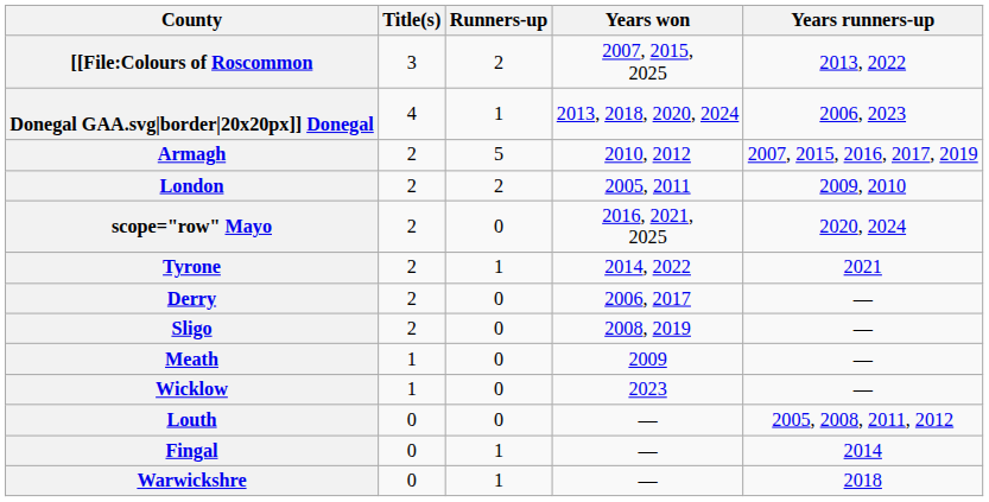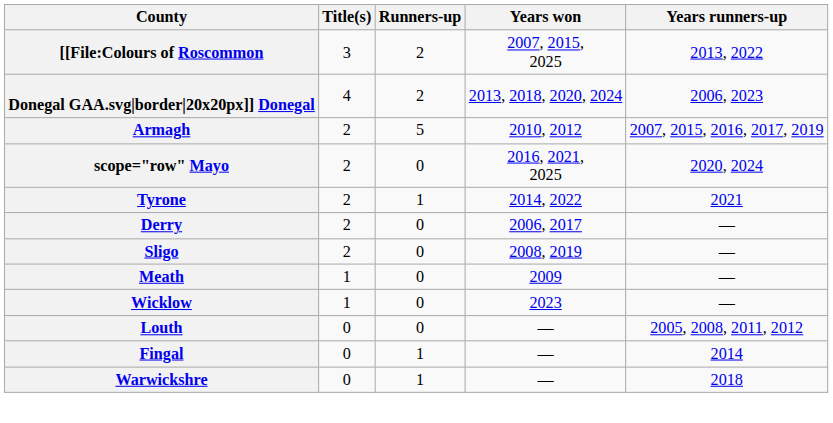 <table class="wikitable plainrowheaders sortable">
 <tr>
 <th scope="col">County</th>
 <th scope="col">Title(s)</th>
 <th scope="col">Runners-up</th>
 <th scope="col" class="unsortable">Years won</th>
 <th scope="col" class="unsortable">Years runners-up</th>
 </tr>
 <tr>
 <th scope="row">[[File:Colours of  <a href='#'>Roscommon</a></th>
 <td align="center">3</td>
 <td align="center">2</td>
 <td align="center"><a href='#'>2007</a>, <a href='#'>2015</a>,<br>2025</td>
 <td align="center"><a href='#'>2013</a>, <a href='#'>2022</a></td>
 </tr>
 <tr>
 <th scope="row"><br>Donegal GAA.svg|border|20x20px]] <a href='#'>Donegal</a></th>
 <td align="center">4</td>
-<td align="center">1</td>
+<td align="center">2</td>
 <td align="center"><a href='#'>2013</a>, <a href='#'>2018</a>, <a href='#'>2020</a>, <a href='#'>2024</a></td>
 <td align="center"><a href='#'>2006</a>, <a href='#'>2023</a></td>
 </tr>
 <tr>
 <th scope="row"> <a href='#'>Armagh</a></th>
 <td align="center">2</td>
 <td align="center">5</td>
 <td align="center"><a href='#'>2010</a>, <a href='#'>2012</a></td>
 <td align="center"><a href='#'>2007</a>, <a href='#'>2015</a>, <a href='#'>2016</a>, <a href='#'>2017</a>, <a href='#'>2019</a></td>
-</tr>
-<tr>
-<th scope="row"> <a href='#'>London</a></th>
-<td align="center">2</td>
-<td align="center">2</td>
-<td align="center"><a href='#'>2005</a>, <a href='#'>2011</a></td>
-<td align="center"><a href='#'>2009</a>, <a href='#'>2010</a></td>
 </tr>
 <tr>
 <th>scope="row"  <a href='#'>Mayo</a></th>
 <td align="center">2</td>
 <td align="center">0</td>
 <td align="center"><a href='#'>2016</a>, <a href='#'>2021</a>,<br>2025</td>
 <td align="center"><a href='#'>2020</a>, <a href='#'>2024</a></td>
 </tr>
 <tr>
 <th scope="row"> <a href='#'>Tyrone</a></th>
 <td align="center">2</td>
 <td align="center">1</td>
 <td align="center"><a href='#'>2014</a>, <a href='#'>2022</a></td>
 <td align="center"><a href='#'>2021</a></td>
 </tr>
 <tr>
 <th scope="row"> <a href='#'>Derry</a></th>
 <td align="center">2</td>
 <td align="center">0</td>
 <td align="center"><a href='#'>2006</a>, <a href='#'>2017</a></td>
 <td align="center">—</td>
 </tr>
 <tr>
 <th scope="row"> <a href='#'>Sligo</a></th>
 <td align="center">2</td>
 <td align="center">0</td>
 <td align="center"><a href='#'>2008</a>, <a href='#'>2019</a></td>
 <td align="center">—</td>
 </tr>
 <tr>
 <th scope="row"> <a href='#'>Meath</a></th>
 <td align="center">1</td>
 <td align="center">0</td>
 <td align="center"><a href='#'>2009</a></td>
 <td align="center">—</td>
 </tr>
 <tr>
 <th scope="row"> <a href='#'>Wicklow</a></th>
 <td align="center">1</td>
 <td align="center">0</td>
 <td align="center"><a href='#'>2023</a></td>
 <td align="center">—</td>
 </tr>
 <tr>
 <th scope="row"> <a href='#'>Louth</a></th>
 <td align="center">0</td>
 <td align="center">0</td>
 <td align="center">—</td>
 <td align="center"><a href='#'>2005</a>, <a href='#'>2008</a>, <a href='#'>2011</a>, <a href='#'>2012</a></td>
 </tr>
 <tr>
 <th scope="row"> <a href='#'>Fingal</a></th>
 <td align="center">0</td>
 <td align="center">1</td>
 <td align="center">—</td>
 <td align="center"><a href='#'>2014</a></td>
 </tr>
 <tr>
 <th scope="row"> <a href='#'>Warwickshre</a></th>
 <td align="center">0</td>
 <td align="center">1</td>
 <td align="center">—</td>
 <td align="center"><a href='#'>2018</a></td>
 </tr>
 </table>
